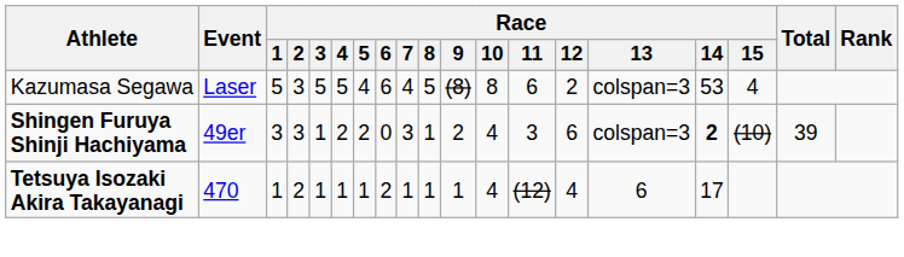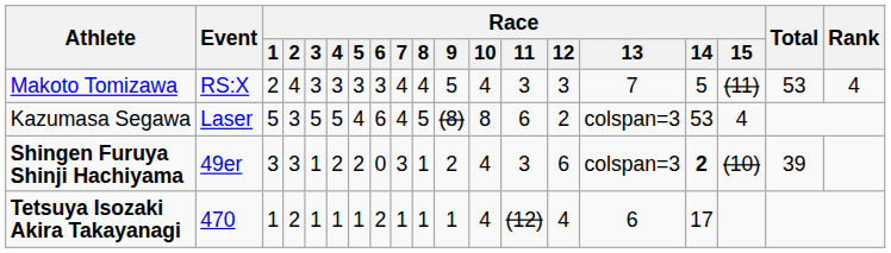 <table class=wikitable style=font-size:90%;text-align:center>
 <tr>
 <th rowspan="2">Athlete</th>
 <th rowspan="2">Event</th>
 <th colspan=15>Race</th>
 <th rowspan=2>Total</th>
 <th rowspan=2>Rank</th>
 </tr>
 <tr style="font-size:95%">
 <th>1</th>
 <th>2</th>
 <th>3</th>
 <th>4</th>
 <th>5</th>
 <th>6</th>
 <th>7</th>
 <th>8</th>
 <th>9</th>
 <th>10</th>
 <th>11</th>
 <th>12</th>
 <th>13</th>
 <th>14</th>
 <th>15</th>
+</tr>
+<tr>
+<td style="text-align:left"><a href='#'>Makoto Tomizawa</a></td>
+<td style="text-align:left"><a href='#'>RS:X</a></td>
+<td>2</td>
+<td>4</td>
+<td>3</td>
+<td>3</td>
+<td>3</td>
+<td>3</td>
+<td>4</td>
+<td>4</td>
+<td>5</td>
+<td>4</td>
+<td>3</td>
+<td>3</td>
+<td>7</td>
+<td>5</td>
+<td><s>(11)</s><br></td>
+<td>53</td>
+<td>4</td>
 </tr>
 <tr>
 <td style="text-align:left">Kazumasa Segawa</td>
 <td style="text-align:left"><a href='#'>Laser</a></td>
 <td>5</td>
 <td>3</td>
 <td>5</td>
 <td>5</td>
 <td>4</td>
 <td>6</td>
 <td>4</td>
 <td>5</td>
 <td><s>(8)</s></td>
 <td>8</td>
 <td>6</td>
 <td>2</td>
 <td>colspan=3 </td>
 <td>53</td>
 <td>4</td>
 </tr>
 <tr>
 <td style="text-align:left"><strong>Shingen Furuya<br>Shinji Hachiyama</strong></td>
 <td style="text-align:left"><a href='#'>49er</a></td>
 <td>3</td>
 <td>3</td>
 <td>1</td>
 <td>2</td>
 <td>2</td>
 <td>0</td>
 <td>3</td>
 <td>1</td>
 <td>2</td>
 <td>4</td>
 <td>3</td>
 <td>6</td>
 <td>colspan=3 </td>
 <td><strong>2</strong></td>
 <td><s>(10)</s><br></td>
 <td>39</td>
 <td></td>
 </tr>
 <tr>
 <td style="text-align:left"><strong>Tetsuya Isozaki<br>Akira Takayanagi</strong></td>
 <td style="text-align:left"><a href='#'>470</a></td>
 <td>1</td>
 <td>2</td>
 <td>1</td>
 <td>1</td>
 <td>1</td>
 <td>2</td>
 <td>1</td>
 <td>1</td>
 <td>1</td>
 <td>4</td>
 <td><s>(12)</s><br></td>
 <td>4</td>
 <td>6</td>
 <td>17</td>
 <td></td>
 </tr>
 </table>
